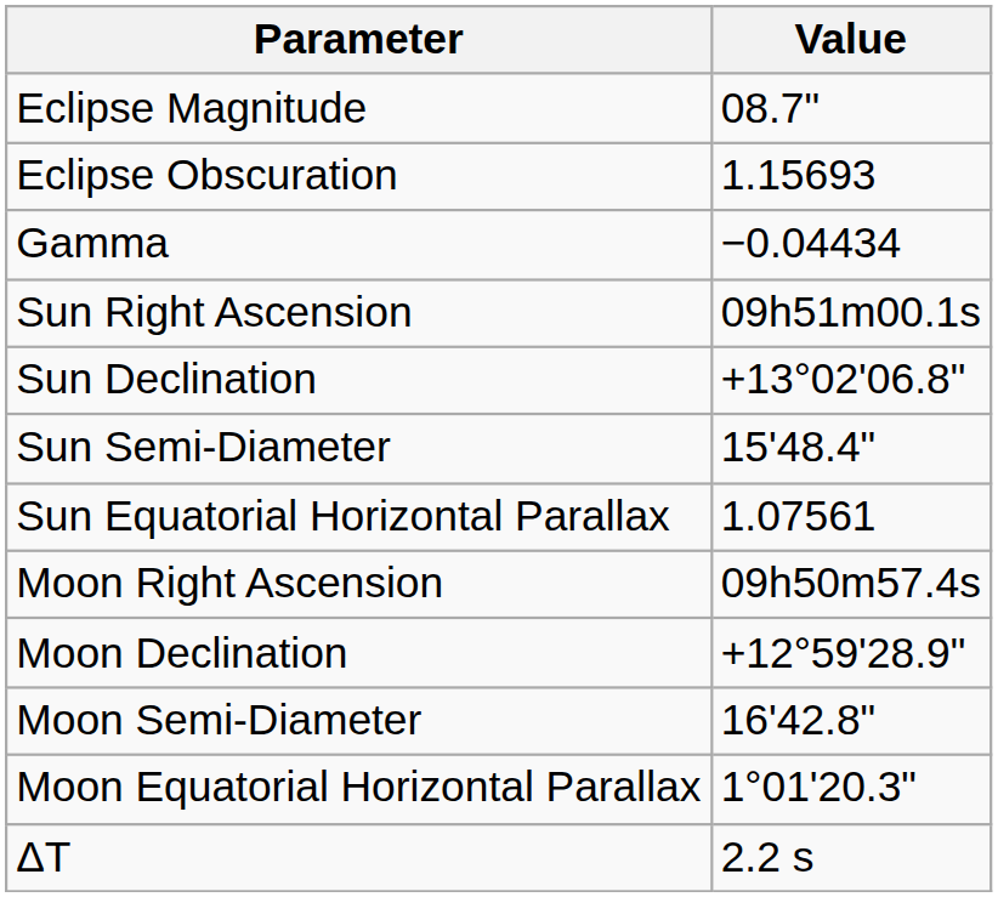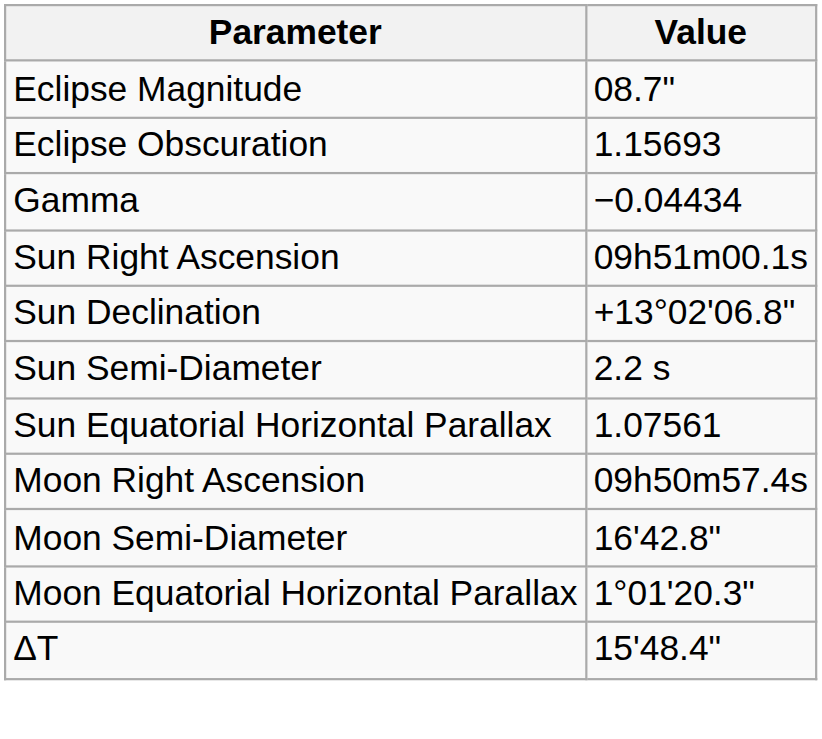 <table class="wikitable">
 <tr>
 <th>Parameter</th>
 <th>Value</th>
 </tr>
 <tr>
 <td>Eclipse Magnitude</td>
 <td>08.7"</td>
 </tr>
 <tr>
 <td>Eclipse Obscuration</td>
 <td>1.15693</td>
 </tr>
 <tr>
 <td>Gamma</td>
 <td>−0.04434</td>
 </tr>
 <tr>
 <td>Sun Right Ascension</td>
 <td>09h51m00.1s</td>
 </tr>
 <tr>
 <td>Sun Declination</td>
 <td>+13°02'06.8"</td>
 </tr>
 <tr>
 <td>Sun Semi-Diameter</td>
-<td>15'48.4"</td>
+<td>2.2 s</td>
 </tr>
 <tr>
 <td>Sun Equatorial Horizontal Parallax</td>
 <td>1.07561</td>
 </tr>
 <tr>
 <td>Moon Right Ascension</td>
 <td>09h50m57.4s</td>
-</tr>
-<tr>
-<td>Moon Declination</td>
-<td>+12°59'28.9"</td>
 </tr>
 <tr>
 <td>Moon Semi-Diameter</td>
 <td>16'42.8"</td>
 </tr>
 <tr>
 <td>Moon Equatorial Horizontal Parallax</td>
 <td>1°01'20.3"</td>
 </tr>
 <tr>
 <td>ΔT</td>
-<td>2.2 s</td>
+<td>15'48.4"</td>
 </tr>
 </table>
